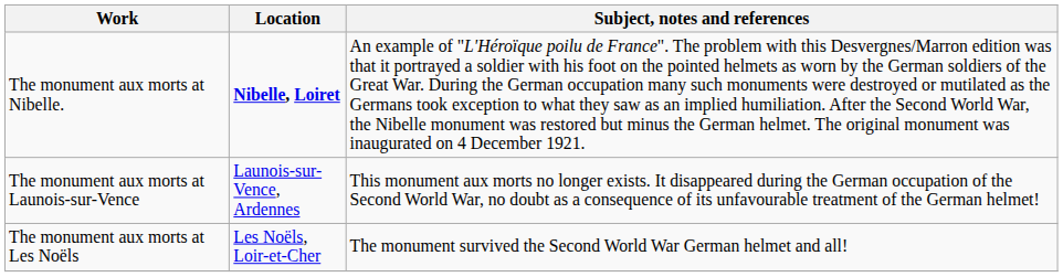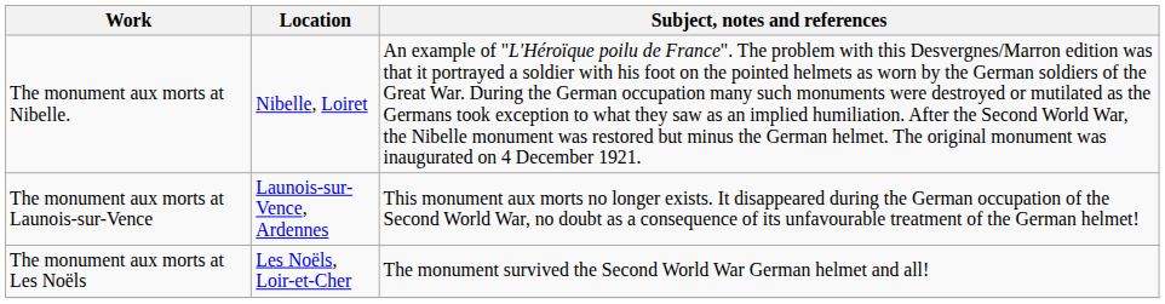 <table class="wikitable sortable">
 <tr>
 <th style="width:200px">Work</th>
 <th style="width:100px">Location</th>
 <th style="width:650px" class="unsortable">Subject, notes and references</th>
 </tr>
 <tr>
 <td>The monument aux morts at Nibelle.</td>
-<td><strong><a href='#'>Nibelle</a>, <a href='#'>Loiret</a></strong></td>
+<td><a href='#'>Nibelle</a>, <a href='#'>Loiret</a></td>
 <td>An example of "<em>L'Héroïque poilu de France</em>".  The problem with this Desvergnes/Marron edition was that it portrayed a soldier with his foot on the pointed helmets as worn by the German soldiers of the Great War.  During the German occupation many such monuments were destroyed or mutilated as the Germans took exception to what they saw as an implied humiliation. After the Second World War, the Nibelle monument was restored but minus the German helmet. The original monument was inaugurated on 4 December 1921.</td>
 </tr>
 <tr>
 <td>The monument aux morts at Launois-sur-Vence</td>
 <td><a href='#'>Launois-sur-Vence</a>, <a href='#'>Ardennes</a></td>
 <td>This monument aux morts no longer exists. It disappeared during the German occupation of the Second World War, no doubt as a consequence of its unfavourable treatment of the German helmet!</td>
 </tr>
 <tr>
 <td>The monument aux morts at Les Noëls</td>
 <td><a href='#'>Les Noëls</a>, <a href='#'>Loir-et-Cher</a></td>
 <td>The monument survived the Second World War German helmet and all!</td>
 </tr>
 <tr>
 </tr>
 </table>
